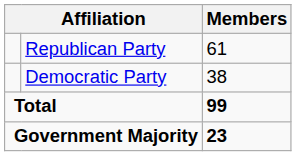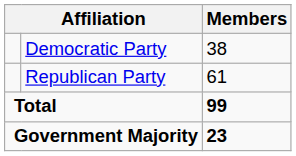 <table class="wikitable">
 <tr>
 <th colspan="2">Affiliation</th>
 <th>Members</th>
 </tr>
 <tr>
 <td style="background-color:"> </td>
-<td><a href='#'>Republican Party</a></td>
-<td>61</td>
+<td><a href='#'>Democratic Party</a></td>
+<td>38</td>
 </tr>
 <tr>
 <td style="background-color:"> </td>
-<td><a href='#'>Democratic Party</a></td>
-<td>38</td>
+<td><a href='#'>Republican Party</a></td>
+<td>61</td>
 </tr>
 <tr>
 <td colspan="2" rowspan="1"> <strong>Total</strong><br></td>
 <td><strong>99</strong></td>
 </tr>
 <tr>
 <td colspan="2" rowspan="1"> <strong>Government Majority</strong><br></td>
 <td><strong>23</strong></td>
 </tr>
 </table>
